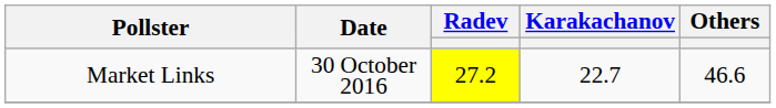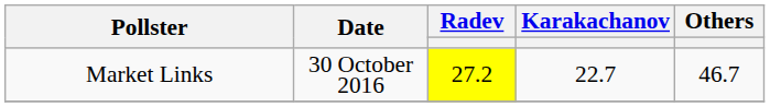 <table class="wikitable" style="text-align:center;font-size:95%;line-height:14px;">
 <tr>
 <th rowspan=2 width=180px>Pollster</th>
 <th rowspan=2 width=80px>Date</th>
 <th width=50px><a href='#'>Radev</a></th>
 <th width=50px><a href='#'>Karakachanov</a></th>
 <th width=50px>Others</th>
 </tr>
 <tr>
 <th style="color:inherit;background:"></th>
 <th style="color:inherit;background:"></th>
 <th style="color:inherit;background:;"></th>
 </tr>
 <tr>
 <td>Market Links</td>
 <td>30 October 2016</td>
 <td bgcolor=#FFFF00>27.2</td>
 <td>22.7</td>
-<td>46.6</td>
+<td>46.7</td>
 </tr>
 <tr>
 </tr>
 </table>
